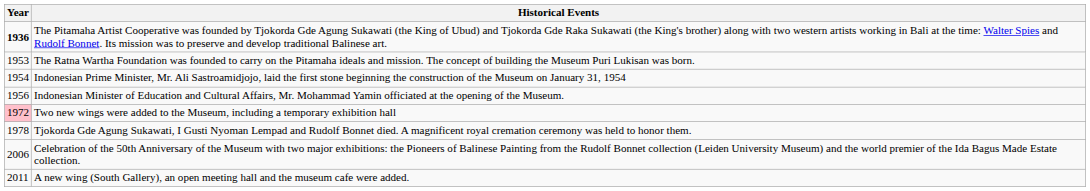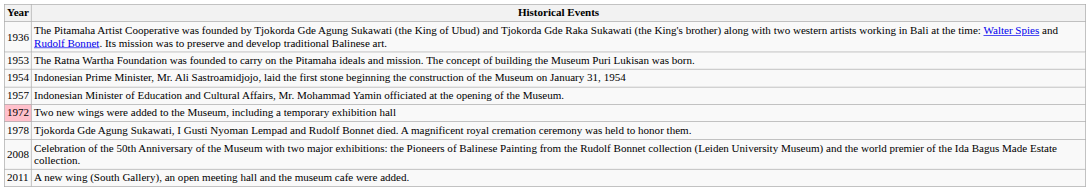 <table class="wikitable">
 <tr>
 <th>Year</th>
 <th>Historical Events</th>
 </tr>
 <tr>
-<td><strong>1936</strong></td>
+<td>1936</td>
 <td>The Pitamaha Artist Cooperative was founded by Tjokorda Gde Agung Sukawati (the King of Ubud) and Tjokorda Gde Raka Sukawati (the King's brother) along with two  western artists working in Bali at the time: <a href='#'>Walter Spies</a> and <a href='#'>Rudolf Bonnet</a>. Its mission was to preserve and develop traditional Balinese art.</td>
 </tr>
 <tr>
 <td>1953</td>
 <td>The Ratna Wartha Foundation was founded to carry on the Pitamaha ideals and mission. The concept of building the Museum Puri Lukisan was born.</td>
 </tr>
 <tr>
 <td>1954</td>
 <td>Indonesian Prime Minister, Mr. Ali Sastroamidjojo, laid the first stone beginning the construction of the Museum on January 31, 1954</td>
 </tr>
 <tr>
-<td>1956</td>
+<td>1957</td>
 <td>Indonesian Minister of Education and Cultural Affairs, Mr. Mohammad Yamin officiated at the opening of the Museum.</td>
 </tr>
 <tr>
 <td style="background: pink;">1972</td>
 <td>Two new wings were added to the Museum, including a temporary exhibition hall</td>
 </tr>
 <tr>
 <td>1978</td>
 <td>Tjokorda Gde Agung Sukawati, I Gusti Nyoman Lempad and Rudolf Bonnet died. A magnificent royal cremation ceremony was held to honor them.</td>
 </tr>
 <tr>
-<td>2006</td>
+<td>2008</td>
 <td>Celebration of the 50th Anniversary of the Museum with two major exhibitions: the Pioneers of Balinese Painting from the Rudolf Bonnet collection (Leiden University Museum) and the world premier of the Ida Bagus Made Estate collection.</td>
 </tr>
 <tr>
 <td>2011</td>
 <td>A new wing (South Gallery), an open meeting hall and the museum cafe were added.</td>
 </tr>
 </table>
